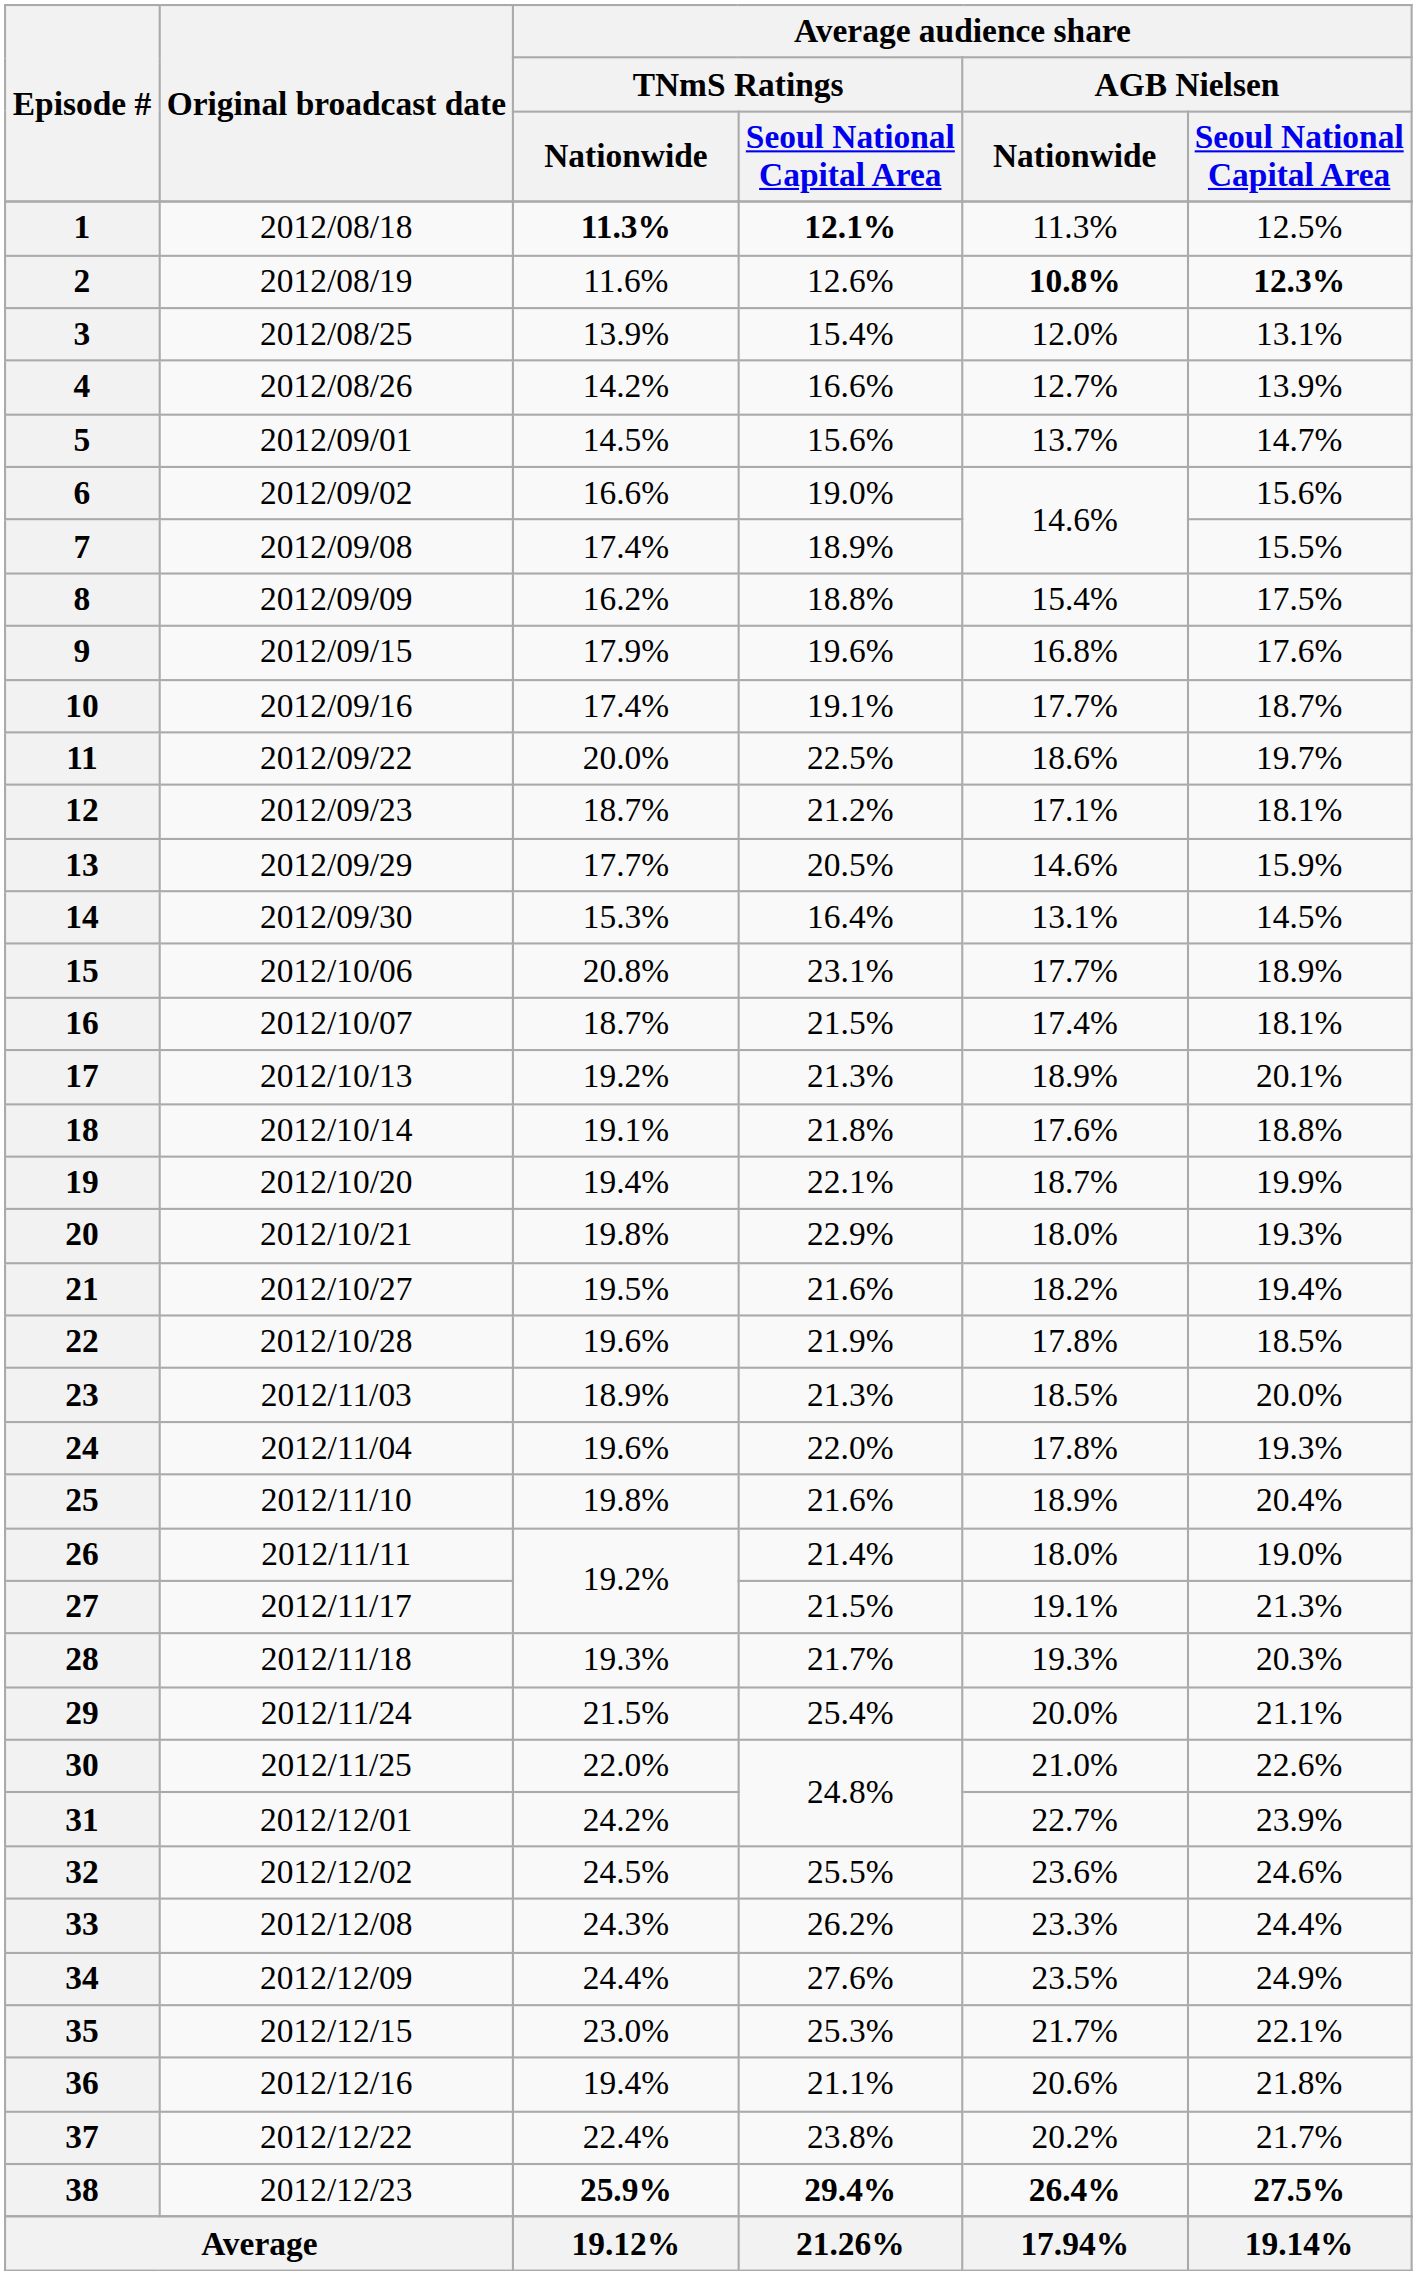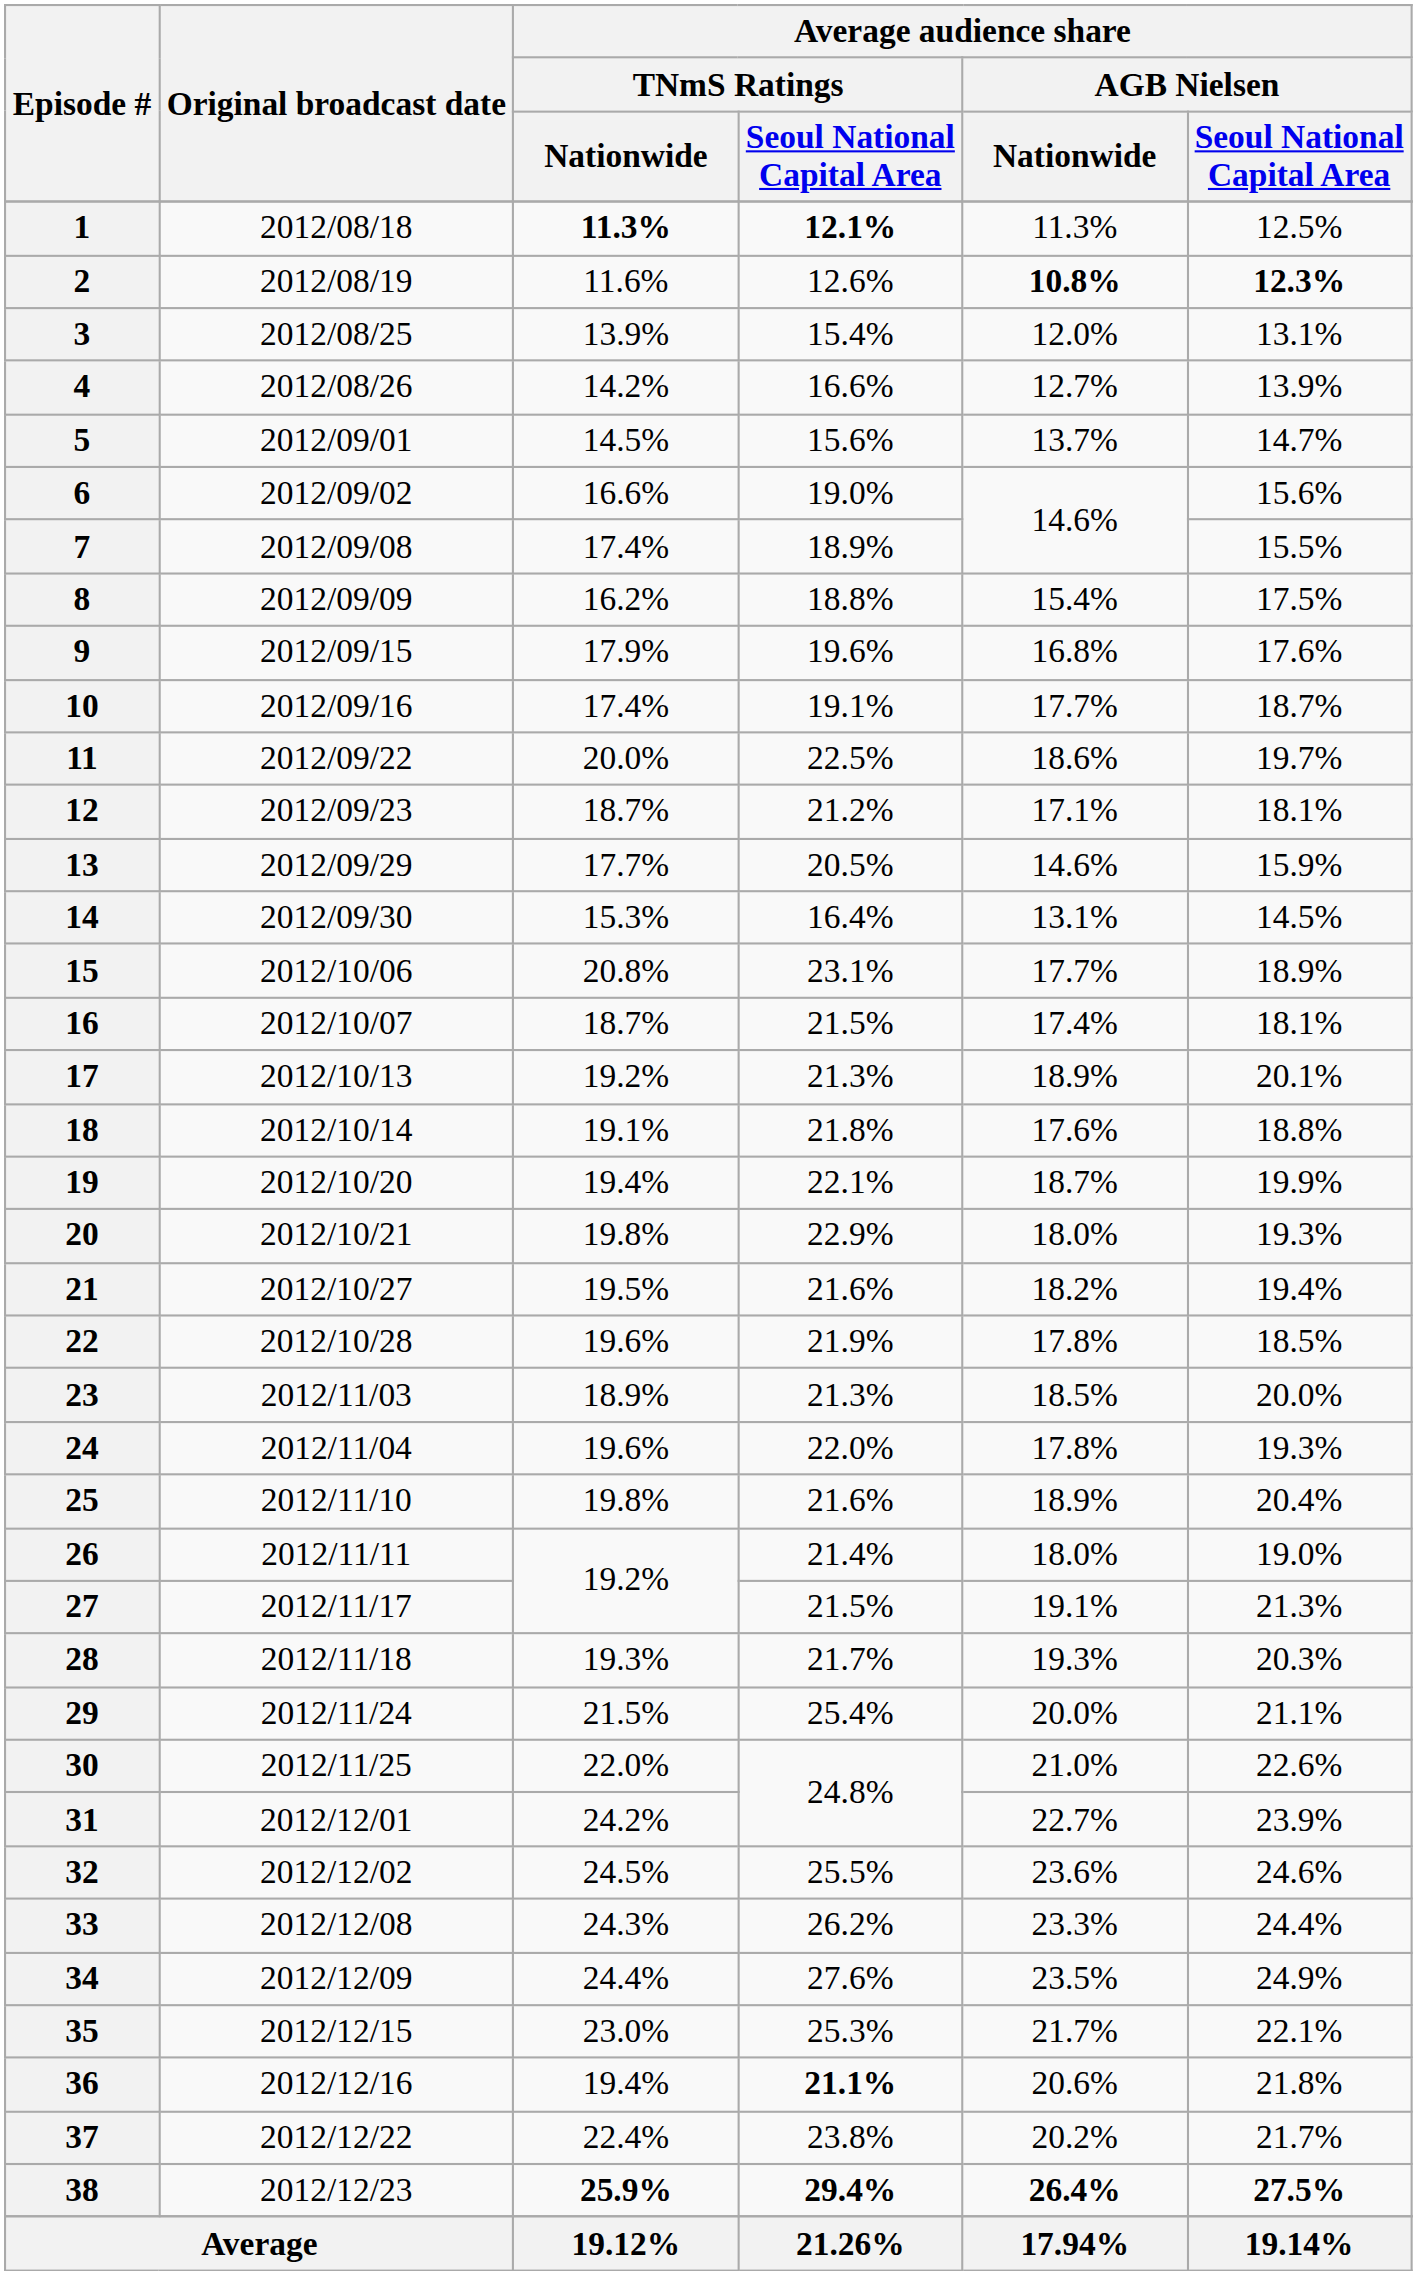 <table class=wikitable style="text-align:center">
 <tr>
 <th rowspan="3">Episode #</th>
 <th rowspan="3">Original broadcast date</th>
 <th colspan="5">Average audience share</th>
 </tr>
 <tr>
 <th colspan="2">TNmS Ratings</th>
 <th colspan="2">AGB Nielsen</th>
 </tr>
 <tr>
 <th width=100>Nationwide</th>
 <th width=100><a href='#'>Seoul National Capital Area</a></th>
 <th width=100>Nationwide</th>
 <th width=100><a href='#'>Seoul National Capital Area</a></th>
 </tr>
 <tr>
 </tr>
 <tr align=center>
 <th>1</th>
 <td>2012/08/18</td>
 <td><span><strong>11.3%</strong></span></td>
 <td><span><strong>12.1%</strong></span></td>
 <td>11.3%</td>
 <td>12.5%</td>
 </tr>
 <tr align=center>
 <th>2</th>
 <td>2012/08/19</td>
 <td>11.6%</td>
 <td>12.6%</td>
 <td><span><strong>10.8%</strong></span></td>
 <td><span><strong>12.3%</strong></span></td>
 </tr>
 <tr align=center>
 <th>3</th>
 <td>2012/08/25</td>
 <td>13.9%</td>
 <td>15.4%</td>
 <td>12.0%</td>
 <td>13.1%</td>
 </tr>
 <tr align=center>
 <th>4</th>
 <td>2012/08/26</td>
 <td>14.2%</td>
 <td>16.6%</td>
 <td>12.7%</td>
 <td>13.9%</td>
 </tr>
 <tr align=center>
 <th>5</th>
 <td>2012/09/01</td>
 <td>14.5%</td>
 <td>15.6%</td>
 <td>13.7%</td>
 <td>14.7%</td>
 </tr>
 <tr align=center>
 <th>6</th>
 <td>2012/09/02</td>
 <td>16.6%</td>
 <td>19.0%</td>
 <td rowspan=2>14.6%</td>
 <td>15.6%</td>
 </tr>
 <tr align=center>
 <th>7</th>
 <td>2012/09/08</td>
 <td>17.4%</td>
 <td>18.9%</td>
 <td>15.5%</td>
 </tr>
 <tr align=center>
 <th>8</th>
 <td>2012/09/09</td>
 <td>16.2%</td>
 <td>18.8%</td>
 <td>15.4%</td>
 <td>17.5%</td>
 </tr>
 <tr align=center>
 <th>9</th>
 <td>2012/09/15</td>
 <td>17.9%</td>
 <td>19.6%</td>
 <td>16.8%</td>
 <td>17.6%</td>
 </tr>
 <tr align=center>
 <th>10</th>
 <td>2012/09/16</td>
 <td>17.4%</td>
 <td>19.1%</td>
 <td>17.7%</td>
 <td>18.7%</td>
 </tr>
 <tr align=center>
 <th>11</th>
 <td>2012/09/22</td>
 <td>20.0%</td>
 <td>22.5%</td>
 <td>18.6%</td>
 <td>19.7%</td>
 </tr>
 <tr align=center>
 <th>12</th>
 <td>2012/09/23</td>
 <td>18.7%</td>
 <td>21.2%</td>
 <td>17.1%</td>
 <td>18.1%</td>
 </tr>
 <tr align=center>
 <th>13</th>
 <td>2012/09/29</td>
 <td>17.7%</td>
 <td>20.5%</td>
 <td>14.6%</td>
 <td>15.9%</td>
 </tr>
 <tr align=center>
 <th>14</th>
 <td>2012/09/30</td>
 <td>15.3%</td>
 <td>16.4%</td>
 <td>13.1%</td>
 <td>14.5%</td>
 </tr>
 <tr align=center>
 <th>15</th>
 <td>2012/10/06</td>
 <td>20.8%</td>
 <td>23.1%</td>
 <td>17.7%</td>
 <td>18.9%</td>
 </tr>
 <tr align=center>
 <th>16</th>
 <td>2012/10/07</td>
 <td>18.7%</td>
 <td>21.5%</td>
 <td>17.4%</td>
 <td>18.1%</td>
 </tr>
 <tr align=center>
 <th>17</th>
 <td>2012/10/13</td>
 <td>19.2%</td>
 <td>21.3%</td>
 <td>18.9%</td>
 <td>20.1%</td>
 </tr>
 <tr align=center>
 <th>18</th>
 <td>2012/10/14</td>
 <td>19.1%</td>
 <td>21.8%</td>
 <td>17.6%</td>
 <td>18.8%</td>
 </tr>
 <tr align=center>
 <th>19</th>
 <td>2012/10/20</td>
 <td>19.4%</td>
 <td>22.1%</td>
 <td>18.7%</td>
 <td>19.9%</td>
 </tr>
 <tr align=center>
 <th>20</th>
 <td>2012/10/21</td>
 <td>19.8%</td>
 <td>22.9%</td>
 <td>18.0%</td>
 <td>19.3%</td>
 </tr>
 <tr align=center>
 <th>21</th>
 <td>2012/10/27</td>
 <td>19.5%</td>
 <td>21.6%</td>
 <td>18.2%</td>
 <td>19.4%</td>
 </tr>
 <tr align=center>
 <th>22</th>
 <td>2012/10/28</td>
 <td>19.6%</td>
 <td>21.9%</td>
 <td>17.8%</td>
 <td>18.5%</td>
 </tr>
 <tr align=center>
 <th>23</th>
 <td>2012/11/03</td>
 <td>18.9%</td>
 <td>21.3%</td>
 <td>18.5%</td>
 <td>20.0%</td>
 </tr>
 <tr align=center>
 <th>24</th>
 <td>2012/11/04</td>
 <td>19.6%</td>
 <td>22.0%</td>
 <td>17.8%</td>
 <td>19.3%</td>
 </tr>
 <tr align=center>
 <th>25</th>
 <td>2012/11/10</td>
 <td>19.8%</td>
 <td>21.6%</td>
 <td>18.9%</td>
 <td>20.4%</td>
 </tr>
 <tr align=center>
 <th>26</th>
 <td>2012/11/11</td>
 <td rowspan=2>19.2%</td>
 <td>21.4%</td>
 <td>18.0%</td>
 <td>19.0%</td>
 </tr>
 <tr align=center>
 <th>27</th>
 <td>2012/11/17</td>
 <td>21.5%</td>
 <td>19.1%</td>
 <td>21.3%</td>
 </tr>
 <tr align=center>
 <th>28</th>
 <td>2012/11/18</td>
 <td>19.3%</td>
 <td>21.7%</td>
 <td>19.3%</td>
 <td>20.3%</td>
 </tr>
 <tr align=center>
 <th>29</th>
 <td>2012/11/24</td>
 <td>21.5%</td>
 <td>25.4%</td>
 <td>20.0%</td>
 <td>21.1%</td>
 </tr>
 <tr align=center>
 <th>30</th>
 <td>2012/11/25</td>
 <td>22.0%</td>
 <td rowspan=2>24.8%</td>
 <td>21.0%</td>
 <td>22.6%</td>
 </tr>
 <tr align=center>
 <th>31</th>
 <td>2012/12/01</td>
 <td>24.2%</td>
 <td>22.7%</td>
 <td>23.9%</td>
 </tr>
 <tr align=center>
 <th>32</th>
 <td>2012/12/02</td>
 <td>24.5%</td>
 <td>25.5%</td>
 <td>23.6%</td>
 <td>24.6%</td>
 </tr>
 <tr align=center>
 <th>33</th>
 <td>2012/12/08</td>
 <td>24.3%</td>
 <td>26.2%</td>
 <td>23.3%</td>
 <td>24.4%</td>
 </tr>
 <tr align=center>
 <th>34</th>
 <td>2012/12/09</td>
 <td>24.4%</td>
 <td>27.6%</td>
 <td>23.5%</td>
 <td>24.9%</td>
 </tr>
 <tr align=center>
 <th>35</th>
 <td>2012/12/15</td>
 <td>23.0%</td>
 <td>25.3%</td>
 <td>21.7%</td>
 <td>22.1%</td>
 </tr>
 <tr align=center>
 <th>36</th>
 <td>2012/12/16</td>
 <td>19.4%</td>
-<td>21.1%</td>
+<td><strong>21.1%</strong></td>
 <td>20.6%</td>
 <td>21.8%</td>
 </tr>
 <tr align=center>
 <th>37</th>
 <td>2012/12/22</td>
 <td>22.4%</td>
 <td>23.8%</td>
 <td>20.2%</td>
 <td>21.7%</td>
 </tr>
 <tr align=center>
 <th>38</th>
 <td>2012/12/23</td>
 <td><span><strong>25.9%</strong></span></td>
 <td><span><strong>29.4%</strong></span></td>
 <td><span><strong>26.4%</strong></span></td>
 <td><span><strong>27.5%</strong></span></td>
 </tr>
 <tr align=center>
 </tr>
 <tr>
 <th colspan=2>Average</th>
 <th>19.12%</th>
 <th>21.26%</th>
 <th>17.94%</th>
 <th>19.14%</th>
 </tr>
 </table>
